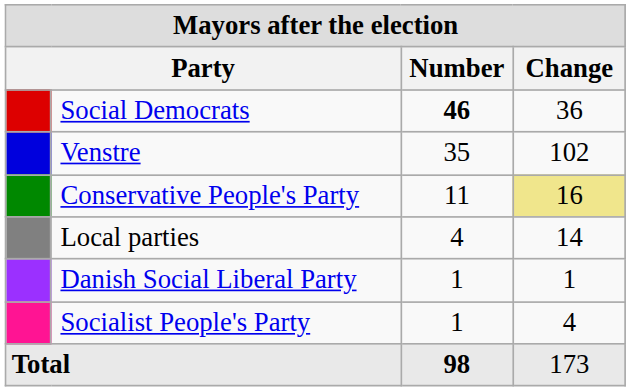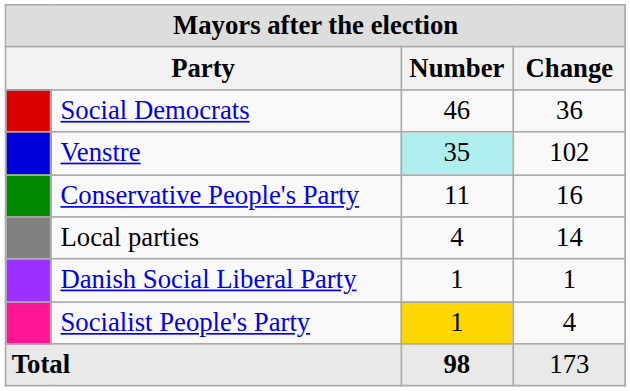 <table class="wikitable" style="margin-left:1em;">
 <tr>
 <td colspan="4" style="background:#dddddd; text-align:center;"><strong>Mayors after the election</strong></td>
 </tr>
 <tr>
 <th colspan="2">Party</th>
 <th style="width:60px;">Number</th>
 <th style="width:60px;">Change</th>
 </tr>
 <tr>
 <td style="background:#dd0000;"></td>
 <td style="padding-left:5px;"><a href='#'>Social Democrats</a></td>
-<td style="text-align:center;"><strong>46</strong></td>
+<td style="text-align:center;">46</td>
 <td style="text-align:center;"> 36</td>
 </tr>
 <tr>
 <td style="width:20px; background:#0000dd;"></td>
 <td style="width:200px; padding-left:5px;"><a href='#'>Venstre</a></td>
-<td style="text-align:center;">35</td>
+<td style="background: paleturquoise; text-align:center;">35</td>
 <td style="text-align:center;"> 102</td>
 </tr>
 <tr>
 <td style="background:#008800;"></td>
 <td style="padding-left:5px;"><a href='#'>Conservative People's Party</a></td>
 <td style="text-align:center;">11</td>
-<td style="background: khaki; text-align:center;"> 16</td>
+<td style="text-align:center;"> 16</td>
 </tr>
 <tr>
 <td style="background:#808080;"></td>
 <td style="padding-left:5px;">Local parties</td>
 <td style="text-align:center;">4</td>
 <td style="text-align:center;"> 14</td>
 </tr>
 <tr>
 <td style="background:#9B30FF;"></td>
 <td style="padding-left:5px;"><a href='#'>Danish Social Liberal Party</a></td>
 <td style="text-align:center;">1</td>
 <td style="text-align:center;"> 1</td>
 </tr>
 <tr>
 <td style="background:#FF1493;"></td>
 <td style="padding-left:5px;"><a href='#'>Socialist People's Party</a></td>
-<td style="text-align:center;">1</td>
+<td style="background: gold; text-align:center;">1</td>
 <td style="text-align:center;"> 4</td>
 </tr>
 <tr>
 <td style="background-color:#E9E9E9" colspan="2"><strong>Total</strong></td>
 <td style="text-align:center; background-color:#E9E9E9"><strong>98</strong></td>
 <td style="text-align:center; background-color:#E9E9E9"> 173</td>
 </tr>
 </table>
